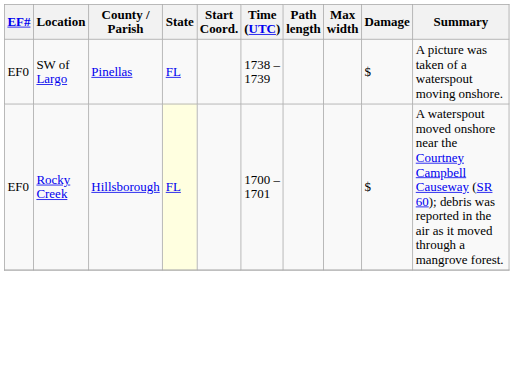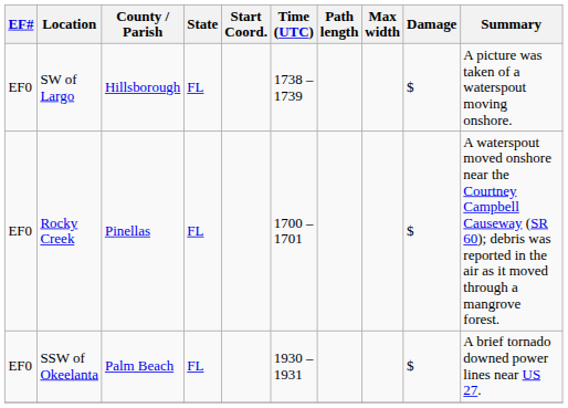 <table class="wikitable sortable" style="width:100%;">
 <tr>
 <th scope="col" width="3%" align="center"><a href='#'>EF#</a></th>
 <th scope="col" width="7%" align="center" class="unsortable">Location</th>
 <th scope="col" width="6%" align="center" class="unsortable">County / Parish</th>
 <th scope="col" width="5%" align="center">State</th>
 <th scope="col" width="6%" align="center">Start Coord.</th>
 <th scope="col" width="6%" align="center">Time (<a href='#'>UTC</a>)</th>
 <th scope="col" width="6%" align="center">Path length</th>
 <th scope="col" width="6%" align="center">Max width</th>
 <th scope="col" width="6%" align="center">Damage</th>
 <th scope="col" width="48%" class="unsortable" align="center">Summary</th>
 </tr>
 <tr>
 <td>EF0</td>
 <td>SW of <a href='#'>Largo</a></td>
-<td><a href='#'>Pinellas</a></td>
+<td><a href='#'>Hillsborough</a></td>
 <td><a href='#'>FL</a></td>
 <td></td>
 <td>1738 – 1739</td>
 <td></td>
 <td></td>
 <td>$</td>
 <td>A picture was taken of a waterspout moving onshore.</td>
 </tr>
 <tr>
 <td>EF0</td>
 <td><a href='#'>Rocky Creek</a></td>
-<td><a href='#'>Hillsborough</a></td>
-<td style="background: lightyellow;"><a href='#'>FL</a></td>
+<td><a href='#'>Pinellas</a></td>
+<td><a href='#'>FL</a></td>
 <td></td>
 <td>1700 – 1701</td>
 <td></td>
 <td></td>
 <td>$</td>
 <td>A waterspout moved onshore near the <a href='#'>Courtney Campbell Causeway</a> (<a href='#'>SR 60</a>); debris was reported in the air as it moved through a mangrove forest.</td>
 </tr>
 <tr>
+<td>EF0</td>
+<td>SSW of <a href='#'>Okeelanta</a></td>
+<td><a href='#'>Palm Beach</a></td>
+<td><a href='#'>FL</a></td>
+<td></td>
+<td>1930 – 1931</td>
+<td></td>
+<td></td>
+<td>$</td>
+<td>A brief tornado downed power lines near <a href='#'>US 27</a>.</td>
+</tr>
+<tr>
 </tr>
 </table>
